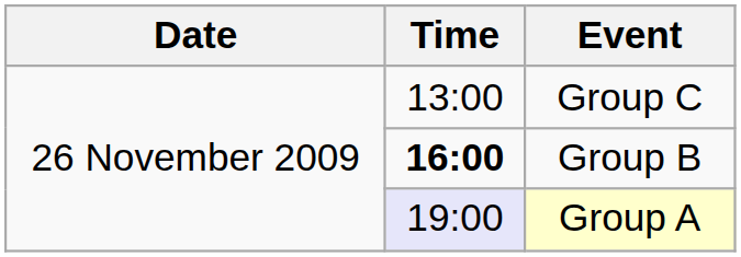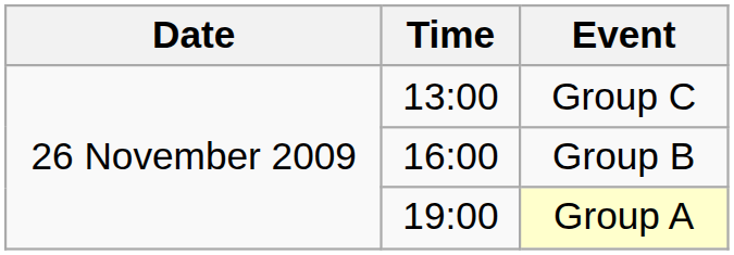 <table class = "wikitable" style="text-align:center;">
 <tr>
 <th width=150>Date</th>
 <th width=50>Time</th>
 <th width=80>Event</th>
 </tr>
 <tr>
 <td rowspan=3>26 November 2009</td>
 <td>13:00</td>
 <td>Group C</td>
 </tr>
 <tr>
-<td><strong>16:00</strong></td>
+<td>16:00</td>
 <td>Group B</td>
 </tr>
 <tr>
-<td style="background: lavender;">19:00</td>
+<td>19:00</td>
 <td bgcolor=ffffcc>Group A</td>
 </tr>
 </table>
